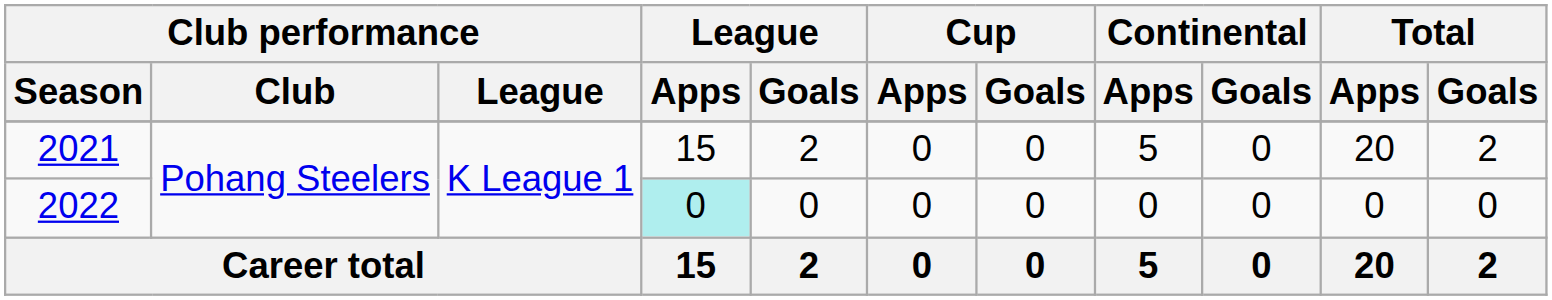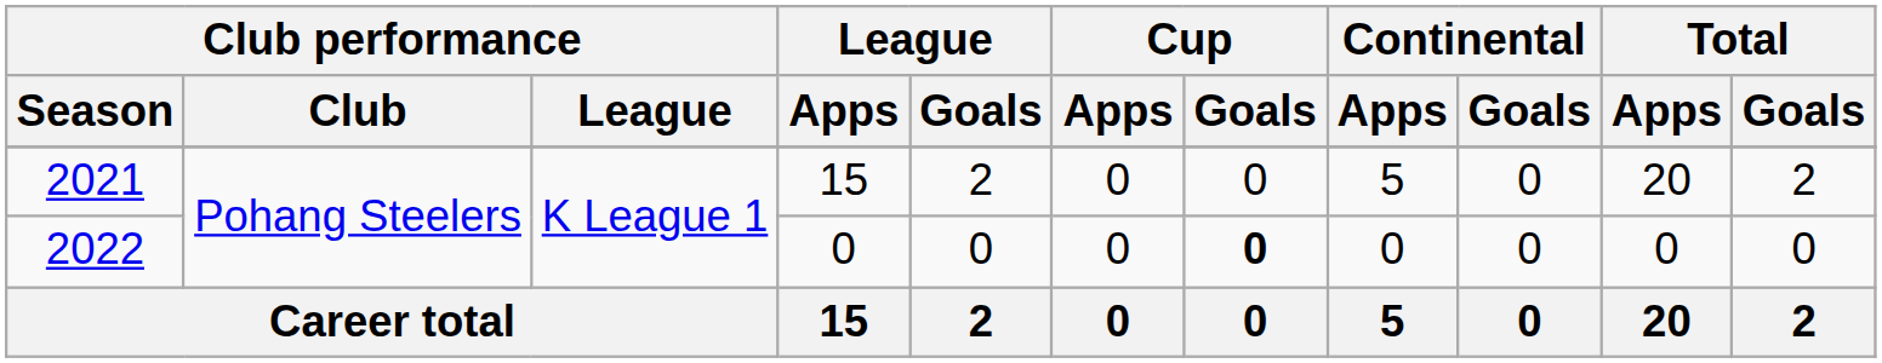 <table class="wikitable" style="text-align:center">
 <tr>
 <th colspan="3">Club performance</th>
 <th colspan="2">League</th>
 <th colspan="2">Cup</th>
 <th colspan="2">Continental</th>
 <th colspan="2">Total</th>
 </tr>
 <tr>
 <th>Season</th>
 <th>Club</th>
 <th>League</th>
 <th>Apps</th>
 <th>Goals</th>
 <th>Apps</th>
 <th>Goals</th>
 <th>Apps</th>
 <th>Goals</th>
 <th>Apps</th>
 <th>Goals</th>
 </tr>
 <tr>
 </tr>
 <tr>
 <td><a href='#'>2021</a></td>
 <td rowspan=2><a href='#'>Pohang Steelers</a></td>
 <td rowspan=2><a href='#'>K League 1</a></td>
 <td>15</td>
 <td>2</td>
 <td>0</td>
 <td>0</td>
 <td>5</td>
 <td>0</td>
 <td>20</td>
 <td>2</td>
 </tr>
 <tr>
 <td><a href='#'>2022</a></td>
-<td style="background: paleturquoise;">0</td>
 <td>0</td>
 <td>0</td>
 <td>0</td>
+<td><strong>0</strong></td>
 <td>0</td>
 <td>0</td>
 <td>0</td>
 <td>0</td>
 </tr>
 <tr>
 <th colspan="3">Career total</th>
 <th>15</th>
 <th>2</th>
 <th>0</th>
 <th>0</th>
 <th>5</th>
 <th>0</th>
 <th>20</th>
 <th>2</th>
 </tr>
 </table>
